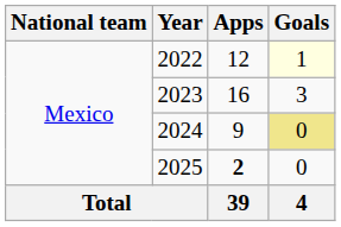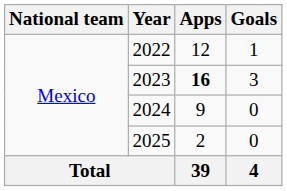 <table class="wikitable" style="text-align: center;">
 <tr>
 <th>National team</th>
 <th>Year</th>
 <th>Apps</th>
 <th>Goals</th>
 </tr>
 <tr>
 <td rowspan="4" valign="center"><a href='#'>Mexico</a></td>
 <td>2022</td>
 <td>12</td>
-<td style="background: lightyellow;">1</td>
+<td>1</td>
 </tr>
 <tr>
 <td>2023</td>
-<td>16</td>
+<td><strong>16</strong></td>
 <td>3</td>
 </tr>
 <tr>
 <td>2024</td>
 <td>9</td>
-<td style="background: khaki;">0</td>
+<td>0</td>
 </tr>
 <tr>
 <td>2025</td>
-<td><strong>2</strong></td>
+<td>2</td>
 <td>0</td>
 </tr>
 <tr>
 <th colspan="2">Total</th>
 <th>39</th>
 <th>4</th>
 </tr>
 </table>
